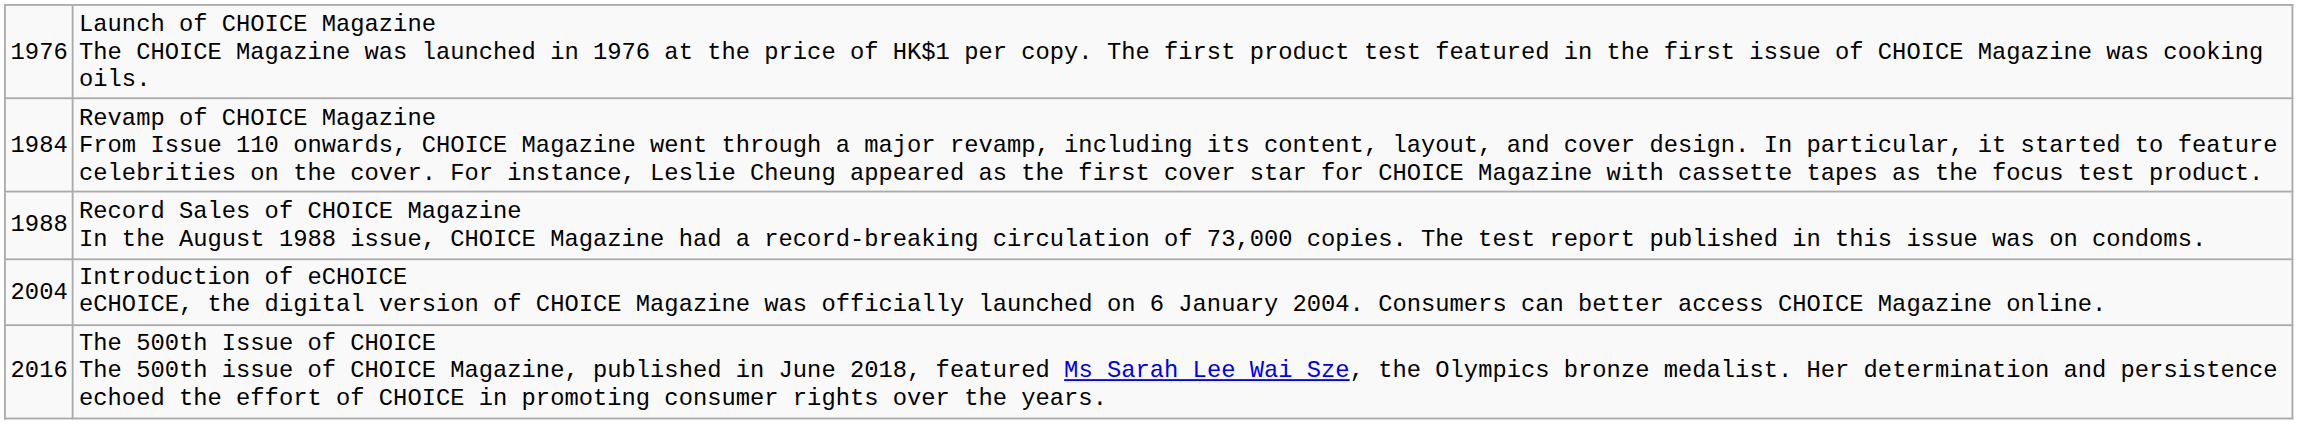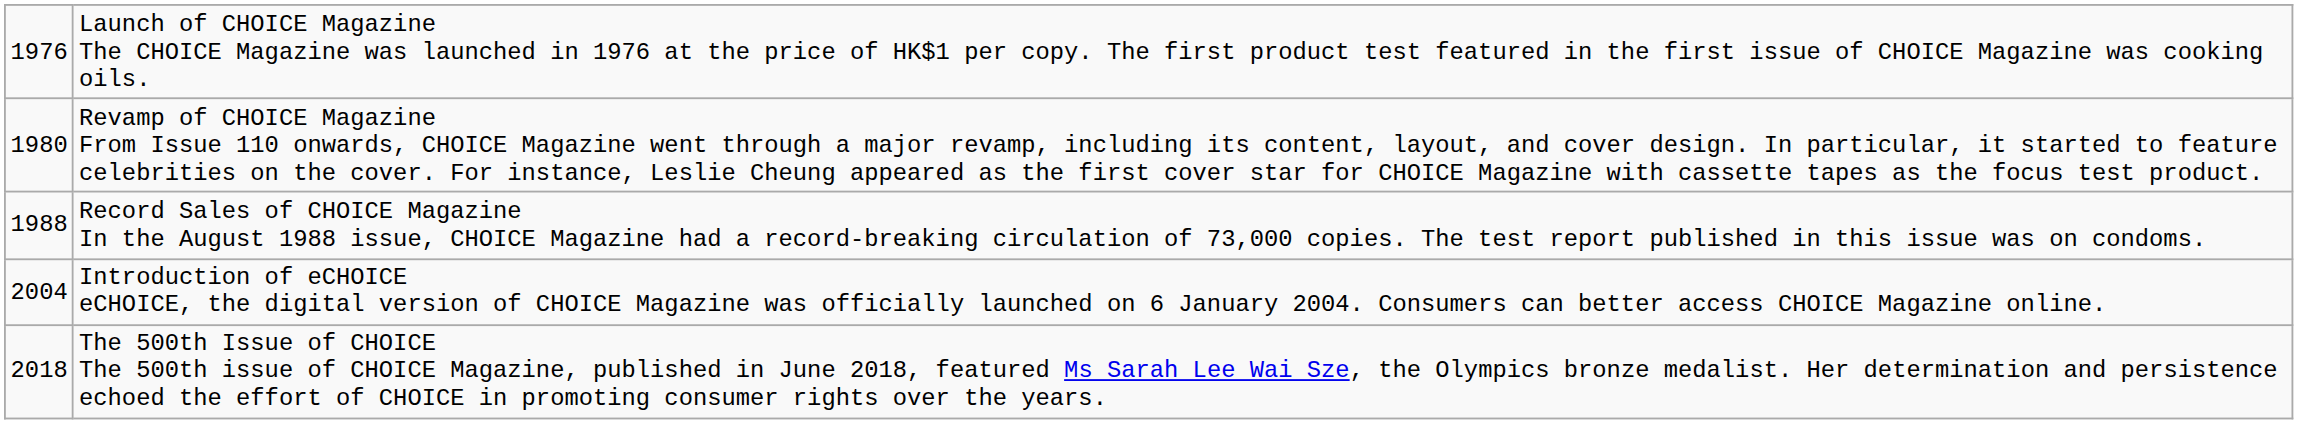 <table class="wikitable">
 <tr>
 <td>1976</td>
 <td>Launch of CHOICE Magazine<br>The CHOICE Magazine was launched in 1976 at the price of HK$1 per copy. The first product test featured in the first issue of CHOICE Magazine was cooking oils.</td>
 </tr>
 <tr>
-<td>1984</td>
+<td>1980</td>
 <td>Revamp of CHOICE Magazine<br>From Issue 110 onwards, CHOICE Magazine went through a major revamp, including its content, layout, and cover design. In particular, it started to feature celebrities on the cover. For instance, Leslie Cheung appeared as the first cover star for CHOICE Magazine with cassette tapes as the focus test product.</td>
 </tr>
 <tr>
 <td>1988</td>
 <td>Record Sales of CHOICE Magazine<br>In the August 1988 issue, CHOICE Magazine had a record-breaking circulation of 73,000 copies. The test report published in this issue was on condoms.</td>
 </tr>
 <tr>
 <td>2004</td>
 <td>Introduction of eCHOICE<br>eCHOICE, the digital version of CHOICE Magazine was officially launched on 6 January 2004. Consumers can better access CHOICE Magazine online.</td>
 </tr>
 <tr>
-<td>2016</td>
+<td>2018</td>
 <td>The 500th Issue of CHOICE<br>The 500th issue of CHOICE Magazine, published in June 2018, featured <a href='#'>Ms Sarah Lee Wai Sze</a>, the Olympics bronze medalist. Her determination and persistence echoed the effort of CHOICE in promoting consumer rights over the years.</td>
 </tr>
 </table>
